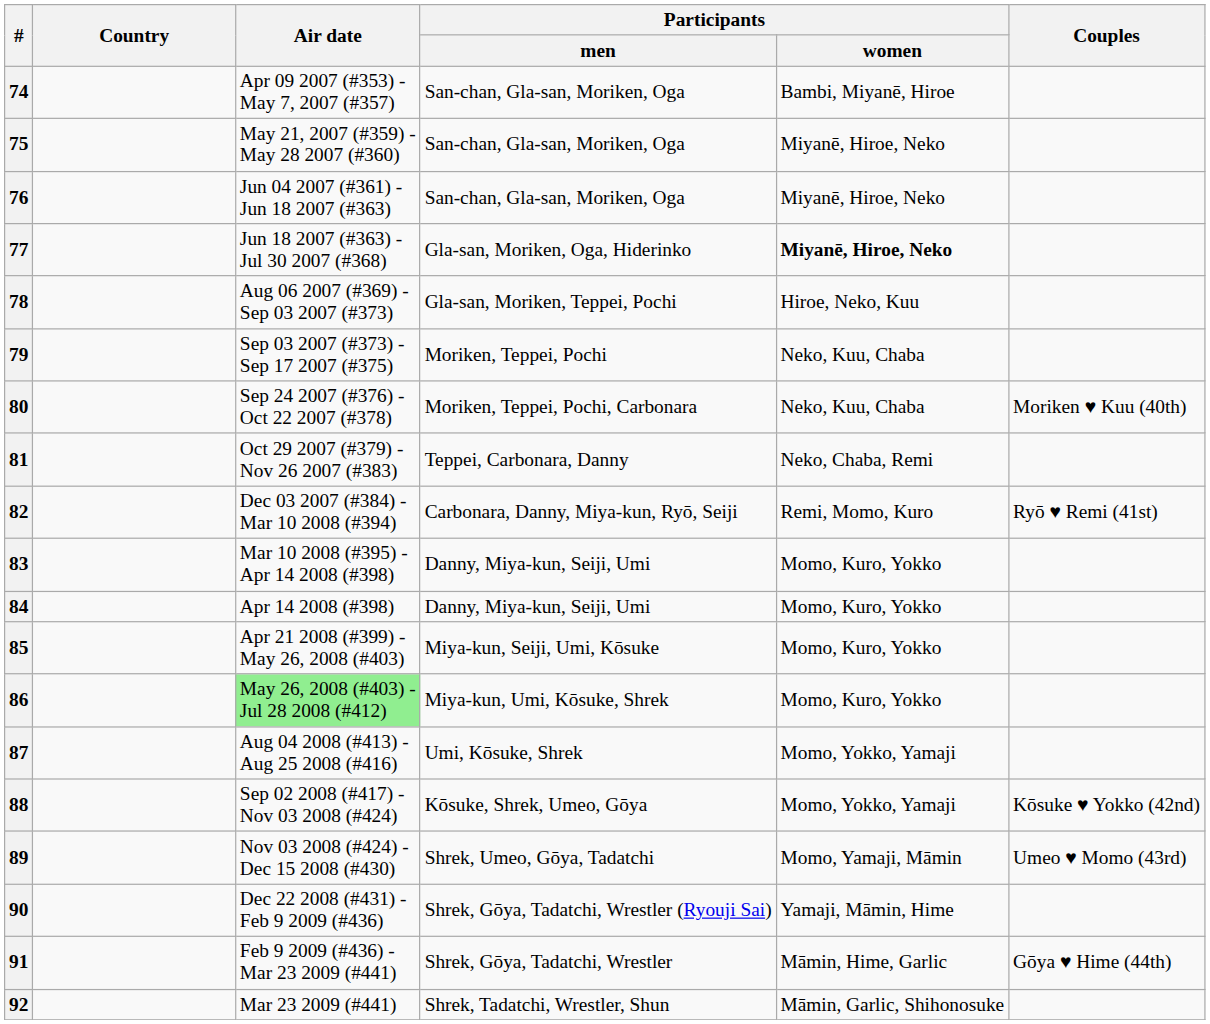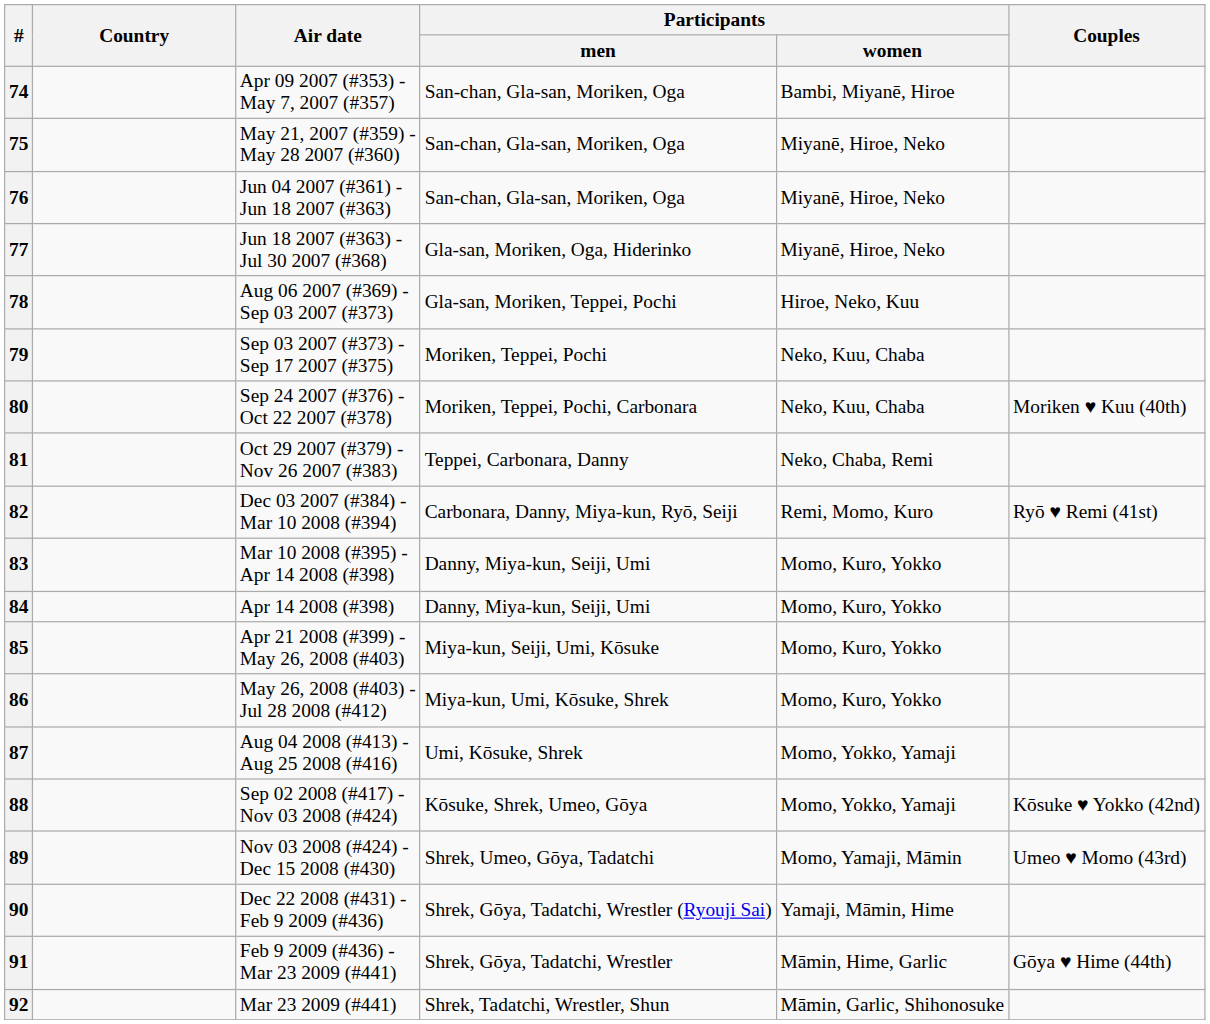 <table class="wikitable">
 <tr>
 <th rowspan="2">#</th>
 <th rowspan="2" style="width:10em;">Country</th>
 <th rowspan="2">Air date</th>
 <th colspan="2">Participants</th>
 <th rowspan="2">Couples</th>
 </tr>
 <tr>
 <th>men</th>
 <th>women</th>
 </tr>
 <tr>
 <th>74</th>
 <td style="width:10em;"></td>
 <td style="white-space:nowrap;">Apr 09 2007 (#353) -<br>May 7, 2007 (#357)</td>
 <td>San-chan, Gla-san, Moriken, Oga</td>
 <td>Bambi, Miyanē, Hiroe</td>
 <td></td>
 </tr>
 <tr>
 <th>75</th>
 <td style="width:10em;"></td>
 <td style="white-space:nowrap;">May 21, 2007 (#359) -<br>May 28 2007 (#360)</td>
 <td>San-chan, Gla-san, Moriken, Oga</td>
 <td>Miyanē, Hiroe, Neko</td>
 <td></td>
 </tr>
 <tr>
 <th>76</th>
 <td></td>
 <td style="white-space:nowrap;">Jun 04 2007 (#361) -<br>Jun 18 2007 (#363)</td>
 <td>San-chan, Gla-san, Moriken, Oga</td>
 <td>Miyanē, Hiroe, Neko</td>
 <td></td>
 </tr>
 <tr>
 <th>77</th>
 <td></td>
 <td style="white-space:nowrap;">Jun 18 2007 (#363) -<br>Jul 30 2007 (#368)</td>
 <td>Gla-san, Moriken, Oga, Hiderinko</td>
-<td><strong>Miyanē, Hiroe, Neko</strong></td>
+<td>Miyanē, Hiroe, Neko</td>
 <td></td>
 </tr>
 <tr>
 <th>78</th>
 <td></td>
 <td style="white-space:nowrap;">Aug 06 2007 (#369) -<br>Sep 03 2007 (#373)</td>
 <td>Gla-san, Moriken, Teppei, Pochi</td>
 <td>Hiroe, Neko, Kuu</td>
 <td></td>
 </tr>
 <tr>
 <th>79</th>
 <td></td>
 <td style="white-space:nowrap;">Sep 03 2007 (#373) -<br>Sep 17 2007 (#375)</td>
 <td>Moriken, Teppei, Pochi</td>
 <td>Neko, Kuu, Chaba</td>
 <td></td>
 </tr>
 <tr>
 <th>80</th>
 <td></td>
 <td style="white-space:nowrap;">Sep 24 2007 (#376) -<br>Oct 22 2007 (#378)</td>
 <td>Moriken, Teppei, Pochi, Carbonara</td>
 <td>Neko, Kuu, Chaba</td>
 <td>Moriken ♥ Kuu (40th)</td>
 </tr>
 <tr>
 <th>81</th>
 <td></td>
 <td style="white-space:nowrap;">Oct 29 2007 (#379) -<br>Nov 26 2007 (#383)</td>
 <td>Teppei, Carbonara, Danny</td>
 <td>Neko, Chaba, Remi</td>
 <td></td>
 </tr>
 <tr>
 <th>82</th>
 <td></td>
 <td style="white-space:nowrap;">Dec 03 2007 (#384) -<br>Mar 10 2008 (#394)</td>
 <td>Carbonara, Danny, Miya-kun, Ryō, Seiji</td>
 <td>Remi, Momo, Kuro</td>
 <td>Ryō ♥ Remi (41st)</td>
 </tr>
 <tr>
 <th>83</th>
 <td style="width:10em;"></td>
 <td style="white-space:nowrap;">Mar 10 2008 (#395) -<br>Apr 14 2008 (#398)</td>
 <td>Danny, Miya-kun, Seiji, Umi</td>
 <td>Momo, Kuro, Yokko</td>
 <td></td>
 </tr>
 <tr>
 <th>84</th>
 <td></td>
 <td style="white-space:nowrap;">Apr 14 2008 (#398)</td>
 <td>Danny, Miya-kun, Seiji, Umi</td>
 <td>Momo, Kuro, Yokko</td>
 <td></td>
 </tr>
 <tr>
 <th>85</th>
 <td></td>
 <td style="white-space:nowrap;">Apr 21 2008 (#399) -<br>May 26, 2008 (#403)</td>
 <td>Miya-kun, Seiji, Umi, Kōsuke</td>
 <td>Momo, Kuro, Yokko</td>
 <td></td>
 </tr>
 <tr>
 <th>86</th>
 <td></td>
-<td style="background: lightgreen; white-space:nowrap;">May 26, 2008 (#403) -<br>Jul 28 2008 (#412)</td>
+<td style="white-space:nowrap;">May 26, 2008 (#403) -<br>Jul 28 2008 (#412)</td>
 <td>Miya-kun, Umi, Kōsuke, Shrek</td>
 <td>Momo, Kuro, Yokko</td>
 <td></td>
 </tr>
 <tr>
 <th>87</th>
 <td></td>
 <td style="white-space:nowrap;">Aug 04 2008 (#413) -<br>Aug 25 2008 (#416)</td>
 <td>Umi, Kōsuke, Shrek</td>
 <td>Momo, Yokko, Yamaji</td>
 <td></td>
 </tr>
 <tr>
 <th>88</th>
 <td></td>
 <td style="white-space:nowrap;">Sep 02 2008 (#417) -<br>Nov 03 2008 (#424)</td>
 <td>Kōsuke, Shrek, Umeo, Gōya</td>
 <td>Momo, Yokko, Yamaji</td>
 <td>Kōsuke ♥ Yokko (42nd)</td>
 </tr>
 <tr>
 <th>89</th>
 <td></td>
 <td style="white-space:nowrap;">Nov 03 2008 (#424) -<br>Dec 15 2008 (#430)</td>
 <td>Shrek, Umeo, Gōya, Tadatchi</td>
 <td>Momo, Yamaji, Māmin</td>
 <td>Umeo ♥ Momo (43rd)</td>
 </tr>
 <tr>
 <th>90</th>
 <td></td>
 <td style="white-space:nowrap;">Dec 22 2008 (#431) -<br>Feb 9 2009 (#436)</td>
 <td>Shrek, Gōya, Tadatchi, Wrestler (<a href='#'>Ryouji Sai</a>)</td>
 <td>Yamaji, Māmin, Hime</td>
 <td></td>
 </tr>
 <tr>
 <th>91</th>
 <td></td>
 <td style="white-space:nowrap;">Feb 9 2009 (#436) -<br>Mar 23 2009 (#441)</td>
 <td>Shrek, Gōya, Tadatchi, Wrestler</td>
 <td>Māmin, Hime, Garlic</td>
 <td>Gōya ♥ Hime (44th)</td>
 </tr>
 <tr>
 <th>92</th>
 <td></td>
 <td style="white-space:nowrap;">Mar 23 2009 (#441)</td>
 <td>Shrek, Tadatchi, Wrestler, Shun</td>
 <td>Māmin, Garlic, Shihonosuke</td>
 <td></td>
 </tr>
 </table>
